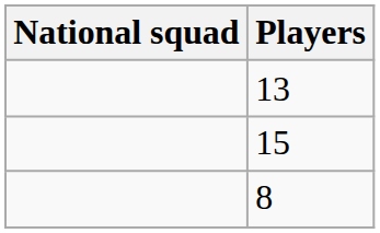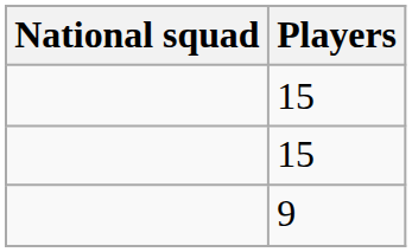 <table class="wikitable sortable">
 <tr>
 <th>National squad</th>
 <th>Players</th>
 </tr>
 <tr>
 <td></td>
-<td>13</td>
+<td>15</td>
 </tr>
 <tr>
 <td></td>
 <td>15</td>
 </tr>
 <tr>
 <td></td>
-<td>8</td>
+<td>9</td>
 </tr>
 </table>
